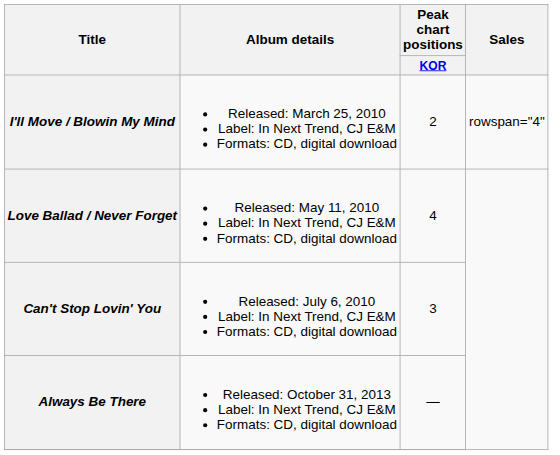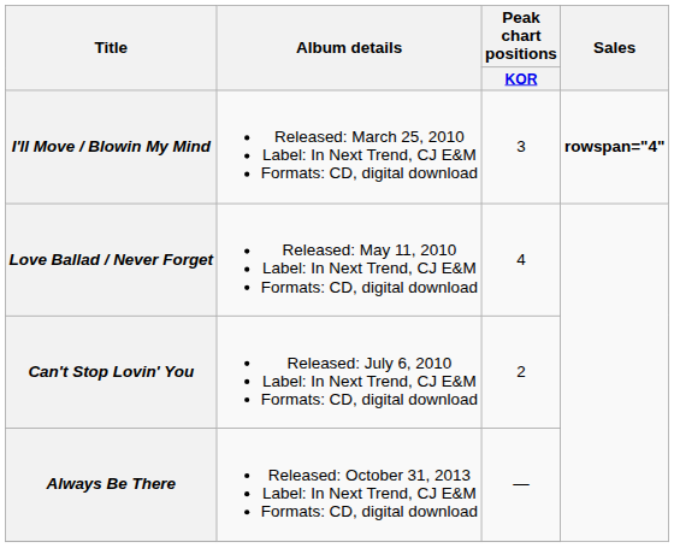 <table class="wikitable plainrowheaders" style="text-align:center;">
 <tr>
 <th scope="col" rowspan="2">Title</th>
 <th scope="col" rowspan="2">Album details</th>
 <th scope="col" colspan="1">Peak chart positions</th>
 <th scope="col" rowspan="2">Sales</th>
 </tr>
 <tr>
 <th scope="col" style="width:3.5em;font-size:90%;"><a href='#'>KOR</a><br></th>
 </tr>
 <tr>
 <th scope="row"><em>I'll Move / Blowin My Mind</em></th>
 <td><br><ul><li>Released: March 25, 2010</li><li>Label: In Next Trend, CJ E&M</li><li>Formats: CD, digital download</li></ul></td>
-<td>2</td>
-<td>rowspan="4" </td>
+<td>3</td>
+<td><strong>rowspan="4" </strong></td>
 </tr>
 <tr>
 <th scope="row"><em>Love Ballad / Never Forget</em></th>
 <td><br><ul><li>Released: May 11, 2010</li><li>Label: In Next Trend, CJ E&M</li><li>Formats: CD, digital download</li></ul></td>
 <td>4</td>
 </tr>
 <tr>
 <th scope="row"><em>Can't Stop Lovin' You</em></th>
 <td><br><ul><li>Released: July 6, 2010</li><li>Label: In Next Trend, CJ E&M</li><li>Formats: CD, digital download</li></ul></td>
-<td>3</td>
+<td>2</td>
 </tr>
 <tr>
 <th scope="row"><em>Always Be There</em></th>
 <td><br><ul><li>Released: October 31, 2013</li><li>Label: In Next Trend, CJ E&M</li><li>Formats: CD, digital download</li></ul></td>
 <td>—</td>
 </tr>
 <tr>
 </tr>
 </table>
